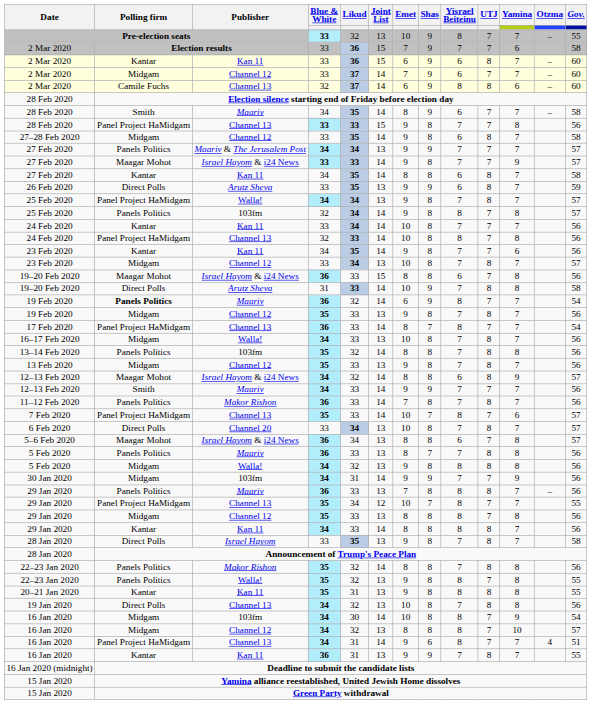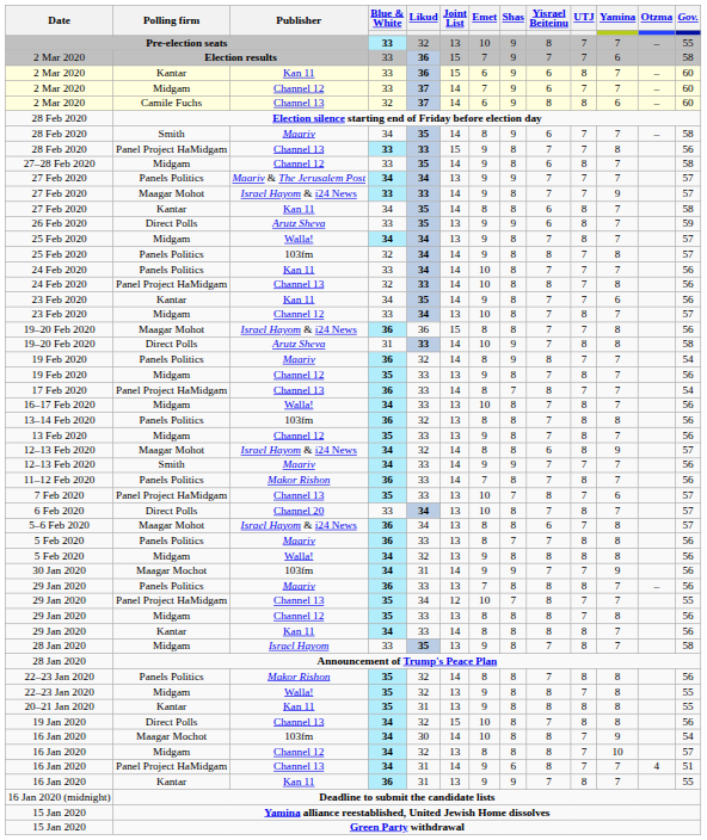 <table class="wikitable sortable" style="text-align:center;font-size:90%;line-height:13px">
 <tr>
 <th rowspan=2>Date</th>
 <th rowspan=2>Polling firm</th>
 <th rowspan=2>Publisher</th>
 <th><a href='#'>Blue &<br>White</a></th>
 <th><a href='#'>Likud</a></th>
 <th><a href='#'>Joint<br>List</a></th>
 <th><a href='#'>Emet</a></th>
 <th><a href='#'>Shas</a></th>
 <th><a href='#'>Yisrael<br>Beiteinu</a></th>
 <th><a href='#'>UTJ</a></th>
 <th><a href='#'>Yamina</a></th>
 <th><a href='#'>Otzma</a></th>
 <th><a href='#'><em>Gov.</em></a></th>
 </tr>
 <tr>
 <th style="background:"></th>
 <th style="background:"></th>
 <th style="background:"></th>
 <th style="background:"></th>
 <th style="background:"></th>
 <th style="background:"></th>
 <th style="background:"></th>
 <th style="background:#B7CC15;"></th>
 <th style="background:#2441FF;"></th>
 <th style="background:#000EA3;"></th>
 </tr>
 <tr style="background:silver">
 <td colspan=3><strong>Pre-election seats</strong></td>
 <td style="background:#B2EDFB"><strong>33</strong>	</td>
 <td>32					</td>
 <td>13					</td>
 <td>10					</td>
 <td>9					</td>
 <td>8					</td>
 <td>7					</td>
 <td>7					</td>
 <td>–					</td>
 <td>55					</td>
 </tr>
 <tr style="background:silver">
 <td data-sort-value="2020-03-02">2 Mar 2020</td>
 <td colspan=2><strong>Election results</strong></td>
 <td>33					</td>
 <td style="background:#BBCDE4"><strong>36</strong>	</td>
 <td>15					</td>
 <td>7					</td>
 <td>9					</td>
 <td>7					</td>
 <td>7					</td>
 <td>6					</td>
 <td><br>					</td>
 <td>58					</td>
 </tr>
 <tr style="background:#FFD">
 <td data-sort-value="2020-03-02">2 Mar 2020</td>
 <td>Kantar</td>
 <td><a href='#'>Kan 11</a></td>
 <td>33					</td>
 <td style="background:#BBCDE4"><strong>36</strong>	</td>
 <td>15					</td>
 <td>6					</td>
 <td>9					</td>
 <td>6					</td>
 <td>8					</td>
 <td>7					</td>
 <td>–					</td>
 <td>60					</td>
 </tr>
 <tr style="background:#FFD">
 <td data-sort-value="2020-03-02">2 Mar 2020</td>
 <td>Midgam</td>
 <td><a href='#'>Channel 12</a></td>
 <td>33					</td>
 <td style="background:#BBCDE4"><strong>37</strong>	</td>
 <td>14					</td>
 <td>7					</td>
 <td>9					</td>
 <td>6					</td>
 <td>7					</td>
 <td>7					</td>
 <td>–					</td>
 <td>60					</td>
 </tr>
 <tr style="background:#FFD">
 <td data-sort-value="2020-03-02">2 Mar 2020</td>
 <td>Camile Fuchs</td>
 <td><a href='#'>Channel 13</a></td>
 <td>32					</td>
 <td style="background:#BBCDE4"><strong>37</strong>	</td>
 <td>14					</td>
 <td>6					</td>
 <td>9					</td>
 <td>8					</td>
 <td>8					</td>
 <td>6					</td>
 <td>–					</td>
 <td>60					</td>
 </tr>
 <tr>
 <td data-sort-value="2020-02-28">28 Feb 2020</td>
 <td colspan=13><strong><a href='#'>Election silence</a> starting end of Friday before election day</strong></td>
 </tr>
 <tr>
 <td data-sort-value="2020-02-28">28 Feb 2020</td>
 <td>Smith</td>
 <td><em><a href='#'>Maariv</a></em></td>
 <td>34					</td>
 <td style="background:#BBCDE4"><strong>35</strong>	</td>
 <td>14					</td>
 <td>8					</td>
 <td>9					</td>
 <td>6					</td>
 <td>7					</td>
 <td>7					</td>
 <td>–					</td>
 <td>58					</td>
 </tr>
 <tr>
 <td data-sort-value="2020-02-28">28 Feb 2020</td>
 <td>Panel Project HaMidgam</td>
 <td><a href='#'>Channel 13</a></td>
 <td style="background:#B2EDFB"><strong>33</strong>	</td>
 <td style="background:#BBCDE4"><strong>33</strong>	</td>
 <td>15					</td>
 <td>9					</td>
 <td>8					</td>
 <td>7					</td>
 <td>7					</td>
 <td>8					</td>
 <td>			</td>
 <td>56					</td>
 </tr>
 <tr>
 <td data-sort-value="2020-02-28">27–28 Feb 2020</td>
 <td>Midgam</td>
 <td><a href='#'>Channel 12</a></td>
 <td>33					</td>
 <td style="background:#BBCDE4"><strong>35</strong>	</td>
 <td>14					</td>
 <td>9					</td>
 <td>8					</td>
 <td>6					</td>
 <td>8					</td>
 <td>7					</td>
 <td>			</td>
 <td>58					</td>
 </tr>
 <tr>
 <td data-sort-value="2020-02-27">27 Feb 2020</td>
 <td>Panels Politics</td>
 <td><em><a href='#'>Maariv</a></em> & <em><a href='#'>The Jerusalem Post</a></em></td>
 <td style="background:#B2EDFB"><strong>34</strong>	</td>
 <td style="background:#BBCDE4"><strong>34</strong>	</td>
 <td>13					</td>
 <td>9					</td>
 <td>9					</td>
 <td>7					</td>
 <td>7					</td>
 <td>7					</td>
 <td>			</td>
 <td>57					</td>
 </tr>
 <tr>
 <td data-sort-value="2020-02-27">27 Feb 2020</td>
 <td>Maagar Mohot</td>
 <td><em><a href='#'>Israel Hayom</a></em> & <a href='#'>i24 News</a></td>
 <td style="background:#B2EDFB"><strong>33</strong>	</td>
 <td style="background:#BBCDE4"><strong>33</strong>	</td>
 <td>14					</td>
 <td>9					</td>
 <td>8					</td>
 <td>7					</td>
 <td>7					</td>
 <td>9					</td>
 <td>				</td>
 <td>57					</td>
 </tr>
 <tr>
 <td data-sort-value="2020-02-27">27 Feb 2020</td>
 <td>Kantar</td>
 <td><a href='#'>Kan 11</a></td>
 <td>34					</td>
 <td style="background:#BBCDE4"><strong>35</strong>	</td>
 <td>14					</td>
 <td>8					</td>
 <td>8					</td>
 <td>6					</td>
 <td>8					</td>
 <td>7					</td>
 <td>			</td>
 <td>58					</td>
 </tr>
 <tr>
 <td data-sort-value="2020-02-26">26 Feb 2020</td>
 <td>Direct Polls</td>
 <td><em><a href='#'>Arutz Sheva</a></em></td>
 <td>33					</td>
 <td style="background:#BBCDE4"><strong>35</strong>	</td>
 <td>13					</td>
 <td>9					</td>
 <td>9					</td>
 <td>6					</td>
 <td>8					</td>
 <td>7					</td>
 <td>			</td>
 <td>59					</td>
 </tr>
 <tr>
 <td data-sort-value="2020-02-25">25 Feb 2020</td>
-<td>Panel Project HaMidgam</td>
+<td>Midgam</td>
 <td><a href='#'>Walla!</a></td>
 <td style="background:#B2EDFB"><strong>34</strong>	</td>
 <td style="background:#BBCDE4"><strong>34</strong>	</td>
 <td>13					</td>
 <td>9					</td>
 <td>8					</td>
 <td>7					</td>
 <td>8					</td>
 <td>7					</td>
 <td>			</td>
 <td>57					</td>
 </tr>
 <tr>
 <td data-sort-value="2020-02-25">25 Feb 2020</td>
 <td>Panels Politics</td>
 <td>103fm</td>
 <td>32					</td>
 <td style="background:#BBCDE4"><strong>34</strong>	</td>
 <td>14					</td>
 <td>9					</td>
 <td>8					</td>
 <td>8					</td>
 <td>7					</td>
 <td>8					</td>
 <td>				</td>
 <td>57					</td>
 </tr>
 <tr>
 <td data-sort-value="2020-02-24">24 Feb 2020</td>
-<td>Kantar</td>
+<td>Panels Politics</td>
 <td><a href='#'>Kan 11</a></td>
 <td>33					</td>
 <td style="background:#BBCDE4"><strong>34</strong>	</td>
 <td>14					</td>
 <td>10					</td>
 <td>8					</td>
 <td>7					</td>
 <td>7					</td>
 <td>7					</td>
 <td>			</td>
 <td>56					</td>
 </tr>
 <tr>
 <td data-sort-value="2020-02-24">24 Feb 2020</td>
 <td>Panel Project HaMidgam</td>
 <td><a href='#'>Channel 13</a></td>
 <td>32					</td>
 <td style="background:#BBCDE4"><strong>33</strong>	</td>
 <td>14					</td>
 <td>10					</td>
 <td>8					</td>
 <td>8					</td>
 <td>7					</td>
 <td>8					</td>
 <td>			</td>
 <td>56					</td>
 </tr>
 <tr>
 <td data-sort-value="2020-02-23">23 Feb 2020</td>
 <td>Kantar</td>
 <td><a href='#'>Kan 11</a></td>
 <td>34					</td>
 <td style="background:#BBCDE4"><strong>35</strong>	</td>
 <td>14					</td>
 <td>9					</td>
 <td>8					</td>
 <td>7					</td>
 <td>7					</td>
 <td>6					</td>
 <td>			</td>
 <td>56					</td>
 </tr>
 <tr>
 <td data-sort-value="2020-02-23">23 Feb 2020</td>
 <td>Midgam</td>
 <td><a href='#'>Channel 12</a></td>
 <td>33					</td>
 <td style="background:#BBCDE4"><strong>34</strong>	</td>
 <td>13					</td>
 <td>10					</td>
 <td>8					</td>
 <td>7					</td>
 <td>8					</td>
 <td>7					</td>
 <td>			</td>
 <td>57					</td>
 </tr>
 <tr>
 <td data-sort-value="2020-02-20">19–20 Feb 2020</td>
 <td>Maagar Mohot</td>
 <td><em><a href='#'>Israel Hayom</a></em> & <a href='#'>i24 News</a></td>
 <td style="background:#B2EDFB"><strong>36</strong>	</td>
-<td>33					</td>
+<td>36					</td>
 <td>15					</td>
 <td>8					</td>
 <td>8					</td>
-<td>6					</td>
+<td>7					</td>
 <td>7					</td>
 <td>8					</td>
 <td>				</td>
 <td>56					</td>
 </tr>
 <tr>
 <td data-sort-value="2020-02-20">19–20 Feb 2020</td>
 <td>Direct Polls</td>
 <td><em><a href='#'>Arutz Sheva</a></em></td>
 <td>31					</td>
 <td style="background:#BBCDE4"><strong>33</strong>	</td>
 <td>14					</td>
 <td>10					</td>
 <td>9					</td>
 <td>7					</td>
 <td>8					</td>
 <td>8					</td>
 <td>			</td>
 <td>58					</td>
 </tr>
 <tr>
 <td data-sort-value="2020-02-19">19 Feb 2020</td>
-<td><strong>Panels Politics</strong></td>
+<td>Panels Politics</td>
 <td><em><a href='#'>Maariv</a></em></td>
 <td style="background:#B2EDFB"><strong>36</strong>	</td>
 <td>32					</td>
 <td>14					</td>
-<td>6					</td>
+<td>8					</td>
 <td>9					</td>
 <td>8					</td>
 <td>7					</td>
 <td>7					</td>
 <td>			</td>
 <td>54					</td>
 </tr>
 <tr>
 <td data-sort-value="2020-02-19">19 Feb 2020</td>
 <td>Midgam</td>
 <td><a href='#'>Channel 12</a></td>
 <td style="background:#B2EDFB"><strong>35</strong>	</td>
 <td>33					</td>
 <td>13					</td>
 <td>9					</td>
 <td>8					</td>
 <td>7					</td>
 <td>8					</td>
 <td>7					</td>
 <td>			</td>
 <td>56					</td>
 </tr>
 <tr>
 <td data-sort-value="2020-02-17">17 Feb 2020</td>
 <td>Panel Project HaMidgam</td>
 <td><a href='#'>Channel 13</a></td>
 <td style="background:#B2EDFB"><strong>36</strong>	</td>
 <td>33					</td>
 <td>14					</td>
 <td>8					</td>
 <td>7					</td>
 <td>8					</td>
 <td>7					</td>
 <td>7					</td>
 <td>			</td>
 <td>54					</td>
 </tr>
 <tr>
 <td data-sort-value="2020-02-17">16–17 Feb 2020</td>
 <td>Midgam</td>
 <td><a href='#'>Walla!</a></td>
 <td style="background:#B2EDFB"><strong>34</strong>	</td>
 <td>33					</td>
 <td>13					</td>
 <td>10					</td>
 <td>8					</td>
 <td>7					</td>
 <td>8					</td>
 <td>7					</td>
 <td>			</td>
 <td>56					</td>
 </tr>
 <tr>
 <td data-sort-value="2020-02-14">13–14 Feb 2020</td>
 <td>Panels Politics</td>
 <td>103fm</td>
-<td style="background:#B2EDFB"><strong>35</strong>	</td>
+<td style="background:#B2EDFB"><strong>36</strong>	</td>
 <td>32					</td>
-<td>14					</td>
+<td>13					</td>
 <td>8					</td>
 <td>8					</td>
 <td>7					</td>
 <td>8					</td>
 <td>8					</td>
 <td>			</td>
 <td>56					</td>
 </tr>
 <tr>
 <td data-sort-value="2020-02-13">13 Feb 2020</td>
 <td>Midgam</td>
 <td><a href='#'>Channel 12</a></td>
 <td style="background:#B2EDFB"><strong>35</strong>	</td>
 <td>33					</td>
 <td>13					</td>
 <td>9					</td>
 <td>8					</td>
 <td>7					</td>
 <td>8					</td>
 <td>7					</td>
 <td>			</td>
 <td>56					</td>
 </tr>
 <tr>
 <td data-sort-value="2020-02-13">12–13 Feb 2020</td>
 <td>Maagar Mohot</td>
 <td><em><a href='#'>Israel Hayom</a></em> & <a href='#'>i24 News</a></td>
 <td style="background:#B2EDFB"><strong>34</strong>	</td>
 <td>32					</td>
 <td>14					</td>
 <td>8					</td>
 <td>8					</td>
 <td>6					</td>
 <td>8					</td>
 <td>9					</td>
 <td>				</td>
 <td>57					</td>
 </tr>
 <tr>
 <td data-sort-value="2020-02-13">12–13 Feb 2020</td>
 <td>Smith</td>
 <td><em><a href='#'>Maariv</a></em></td>
 <td style="background:#B2EDFB"><strong>34</strong>	</td>
 <td>33					</td>
 <td>14					</td>
 <td>9					</td>
 <td>9					</td>
 <td>7					</td>
 <td>7					</td>
 <td>7					</td>
 <td>			</td>
 <td>56					</td>
 </tr>
 <tr>
 <td data-sort-value="2020-02-12">11–12 Feb 2020</td>
 <td>Panels Politics</td>
 <td><em><a href='#'>Makor Rishon</a></em></td>
 <td style="background:#B2EDFB"><strong>36</strong>	</td>
 <td>33					</td>
 <td>14					</td>
 <td>7					</td>
 <td>8					</td>
 <td>7					</td>
 <td>8					</td>
 <td>7					</td>
 <td>			</td>
 <td>56					</td>
 </tr>
 <tr>
 <td data-sort-value="2020-02-07">7 Feb 2020</td>
 <td>Panel Project HaMidgam</td>
 <td><a href='#'>Channel 13</a></td>
 <td style="background:#B2EDFB"><strong>35</strong>	</td>
 <td>33					</td>
-<td>14					</td>
+<td>13					</td>
 <td>10					</td>
 <td>7					</td>
 <td>8					</td>
 <td>7					</td>
 <td>6					</td>
 <td>			</td>
 <td>57					</td>
 </tr>
 <tr>
 <td data-sort-value="2020-02-06">6 Feb 2020</td>
 <td>Direct Polls</td>
 <td><a href='#'>Channel 20</a></td>
 <td>33					</td>
 <td style="background:#BBCDE4"><strong>34</strong>	</td>
 <td>13					</td>
 <td>10					</td>
 <td>8					</td>
 <td>7					</td>
 <td>8					</td>
 <td>7					</td>
 <td>				</td>
 <td>57					</td>
 </tr>
 <tr>
 <td data-sort-value="2020-02-06">5–6 Feb 2020</td>
 <td>Maagar Mohot</td>
 <td><em><a href='#'>Israel Hayom</a></em> & <a href='#'>i24 News</a></td>
 <td style="background:#B2EDFB"><strong>36</strong>	</td>
 <td>34					</td>
 <td>13					</td>
 <td>8					</td>
 <td>8					</td>
 <td>6					</td>
 <td>7					</td>
 <td>8					</td>
 <td>				</td>
 <td>57					</td>
 </tr>
 <tr>
 <td data-sort-value="2020-02-05">5 Feb 2020</td>
 <td>Panels Politics</td>
 <td><em><a href='#'>Maariv</a></em></td>
 <td style="background:#B2EDFB"><strong>36</strong>	</td>
 <td>33					</td>
 <td>13					</td>
 <td>8					</td>
 <td>7					</td>
 <td>7					</td>
 <td>8					</td>
 <td>8					</td>
 <td>			</td>
 <td>56					</td>
 </tr>
 <tr>
 <td data-sort-value="2020-02-05">5 Feb 2020</td>
 <td>Midgam</td>
 <td><a href='#'>Walla!</a></td>
 <td style="background:#B2EDFB"><strong>34</strong>	</td>
 <td>32					</td>
 <td>13					</td>
 <td>9					</td>
 <td>8					</td>
 <td>8					</td>
 <td>8					</td>
 <td>8					</td>
 <td>			</td>
 <td>56					</td>
 </tr>
 <tr>
 <td data-sort-value="2020-01-30">30 Jan 2020</td>
-<td>Midgam</td>
+<td>Maagar Mochot</td>
 <td>103fm</td>
 <td style="background:#B2EDFB"><strong>34</strong>	</td>
 <td>31					</td>
 <td>14					</td>
 <td>9					</td>
 <td>9					</td>
 <td>7					</td>
 <td>7					</td>
 <td>9					</td>
 <td>			</td>
 <td>56					</td>
 </tr>
 <tr>
 <td data-sort-value="2020-01-29">29 Jan 2020</td>
 <td>Panels Politics</td>
 <td><em><a href='#'>Maariv</a></em></td>
 <td style="background:#B2EDFB"><strong>36</strong>	</td>
 <td>33					</td>
 <td>13					</td>
 <td>7					</td>
 <td>8					</td>
 <td>8					</td>
 <td>8					</td>
 <td>7					</td>
 <td>–					</td>
 <td>56					</td>
 </tr>
 <tr>
 <td data-sort-value="2020-01-29">29 Jan 2020</td>
 <td>Panel Project HaMidgam</td>
 <td><a href='#'>Channel 13</a></td>
 <td style="background:#B2EDFB"><strong>35</strong>	</td>
 <td>34					</td>
 <td>12					</td>
 <td>10					</td>
 <td>7					</td>
 <td>8					</td>
 <td>7					</td>
 <td>7					</td>
 <td>			</td>
 <td>55					</td>
 </tr>
 <tr>
 <td data-sort-value="2020-01-29">29 Jan 2020</td>
 <td>Midgam</td>
 <td><a href='#'>Channel 12</a></td>
 <td style="background:#B2EDFB"><strong>35</strong>	</td>
 <td>33					</td>
 <td>13					</td>
 <td>8					</td>
 <td>8					</td>
 <td>8					</td>
 <td>7					</td>
 <td>8					</td>
 <td>			</td>
 <td>56					</td>
 </tr>
 <tr>
 <td data-sort-value="2020-01-29">29 Jan 2020</td>
 <td>Kantar</td>
 <td><a href='#'>Kan 11</a></td>
 <td style="background:#B2EDFB"><strong>34</strong>	</td>
 <td>33					</td>
 <td>14					</td>
 <td>8					</td>
 <td>8					</td>
 <td>8					</td>
 <td>8					</td>
 <td>7					</td>
 <td>			</td>
 <td>56					</td>
 </tr>
 <tr>
 <td data-sort-value="2020-01-28">28 Jan 2020</td>
-<td>Direct Polls</td>
+<td>Midgam</td>
 <td><em><a href='#'>Israel Hayom</a></em></td>
 <td>33					</td>
 <td style="background:#BBCDE4"><strong>35</strong>	</td>
 <td>13					</td>
 <td>9					</td>
 <td>8					</td>
 <td>7					</td>
 <td>8					</td>
 <td>7					</td>
 <td>			</td>
 <td>58					</td>
 </tr>
 <tr>
 <td>28 Jan 2020</td>
 <td colspan="13"><strong>Announcement of <a href='#'>Trump's Peace Plan</a></strong></td>
 </tr>
 <tr>
 <td data-sort-value="2020-01-23">22–23 Jan 2020</td>
 <td>Panels Politics</td>
 <td><em><a href='#'>Makor Rishon</a></em></td>
 <td style="background:#B2EDFB"><strong>35</strong>	</td>
 <td>32					</td>
 <td>14					</td>
 <td>8					</td>
 <td>8					</td>
 <td>7					</td>
 <td>8					</td>
 <td>8					</td>
 <td>			</td>
 <td>56					</td>
 </tr>
 <tr>
 <td data-sort-value="2020-01-23">22–23 Jan 2020</td>
-<td>Panels Politics</td>
+<td>Midgam</td>
 <td><a href='#'>Walla!</a></td>
 <td style="background:#B2EDFB"><strong>35</strong>	</td>
 <td>32					</td>
 <td>13					</td>
 <td>9					</td>
 <td>8					</td>
 <td>8					</td>
 <td>7					</td>
 <td>8					</td>
 <td>			</td>
 <td>55					</td>
 </tr>
 <tr>
 <td data-sort-value="2020-01-21">20–21 Jan 2020</td>
 <td>Kantar</td>
 <td><a href='#'>Kan 11</a></td>
 <td style="background:#B2EDFB"><strong>35</strong>	</td>
 <td>31					</td>
 <td>13					</td>
 <td>9					</td>
 <td>8					</td>
 <td>8					</td>
 <td>8					</td>
 <td>8					</td>
 <td>			</td>
 <td>55					</td>
 </tr>
 <tr>
 <td data-sort-value="2020-01-19">19 Jan 2020</td>
 <td>Direct Polls</td>
 <td><a href='#'>Channel 13</a></td>
 <td style="background:#B2EDFB"><strong>34</strong>	</td>
 <td>32					</td>
-<td>13					</td>
+<td>15					</td>
 <td>10					</td>
 <td>8					</td>
 <td>7					</td>
 <td>8					</td>
 <td>8					</td>
 <td>			</td>
 <td>56					</td>
 </tr>
 <tr>
 <td data-sort-value="2020-01-16">16 Jan 2020</td>
-<td>Midgam</td>
+<td>Maagar Mochot</td>
 <td>103fm</td>
 <td style="background:#B2EDFB"><strong>34</strong>	</td>
 <td>30					</td>
 <td>14					</td>
 <td>10					</td>
 <td>8					</td>
 <td>8					</td>
 <td>7					</td>
 <td>9					</td>
 <td>			</td>
 <td>54					</td>
 </tr>
 <tr>
 <td data-sort-value="2020-01-16">16 Jan 2020</td>
 <td>Midgam</td>
 <td><a href='#'>Channel 12</a></td>
 <td style="background:#B2EDFB"><strong>34</strong>	</td>
 <td>32					</td>
 <td>13					</td>
 <td>8					</td>
 <td>8					</td>
 <td>8					</td>
 <td>7					</td>
 <td>10					</td>
 <td>			</td>
 <td>57					</td>
 </tr>
 <tr>
 <td data-sort-value="2020-01-16">16 Jan 2020</td>
 <td>Panel Project HaMidgam</td>
 <td><a href='#'>Channel 13</a></td>
 <td style="background:#B2EDFB"><strong>34</strong>	</td>
 <td>31					</td>
 <td>14					</td>
 <td>9					</td>
 <td>6					</td>
 <td>8					</td>
 <td>7					</td>
 <td>7					</td>
 <td>4					</td>
 <td>51					</td>
 </tr>
 <tr>
 <td data-sort-value="2020-01-16">16 Jan 2020</td>
 <td>Kantar</td>
 <td><a href='#'>Kan 11</a></td>
 <td style="background:#B2EDFB"><strong>36</strong>	</td>
 <td>31					</td>
 <td>13					</td>
 <td>9					</td>
 <td>9					</td>
 <td>7					</td>
 <td>8					</td>
 <td>7					</td>
 <td>			</td>
 <td>55					</td>
 </tr>
 <tr>
 <td data-sort-value="2020-01-16">16 Jan 2020 (midnight)</td>
 <td colspan=13><strong>Deadline to submit the candidate lists</strong></td>
 </tr>
 <tr>
 <td data-sort-value="2020-01-15">15 Jan 2020</td>
 <td colspan=13><strong><a href='#'>Yamina</a> alliance reestablished, United Jewish Home dissolves</strong></td>
 </tr>
 <tr>
 <td data-sort-value="2020-01-15">15 Jan 2020</td>
 <td colspan=13><strong><a href='#'>Green Party</a> withdrawal</strong></td>
 </tr>
 </table>
